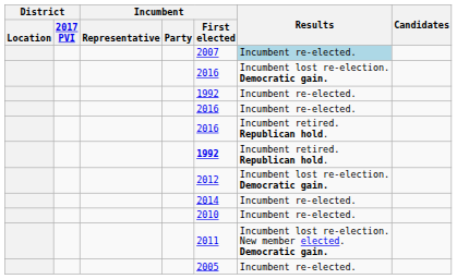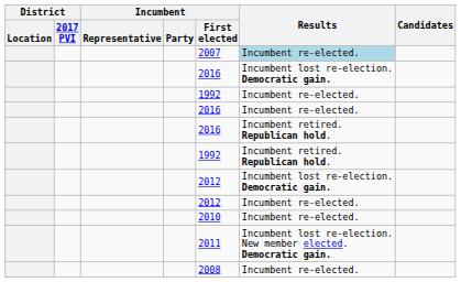 <table class="wikitable sortable">
 <tr>
 <th colspan=2>District</th>
 <th colspan=3>Incumbent</th>
 <th rowspan=2>Results</th>
 <th rowspan=2>Candidates</th>
 </tr>
 <tr valign=bottom>
 <th>Location</th>
 <th><a href='#'>2017<br>PVI</a></th>
 <th>Representative</th>
 <th>Party</th>
 <th>First<br>elected</th>
 </tr>
 <tr>
 <th></th>
 <td></td>
 <td></td>
 <td></td>
 <td><a href='#'>2007 </a></td>
 <td style="background: lightblue;">Incumbent re-elected.</td>
 <td nowrap></td>
 </tr>
 <tr>
 <th></th>
 <td></td>
 <td></td>
 <td></td>
 <td><a href='#'>2016</a></td>
 <td>Incumbent lost re-election.<br><strong>Democratic gain.</strong></td>
 <td nowrap></td>
 </tr>
 <tr>
 <th></th>
 <td></td>
 <td></td>
 <td></td>
 <td><a href='#'>1992</a></td>
 <td>Incumbent re-elected.</td>
 <td nowrap></td>
 </tr>
 <tr>
 <th></th>
 <td></td>
 <td></td>
 <td></td>
 <td><a href='#'>2016</a></td>
 <td>Incumbent re-elected.</td>
 <td nowrap></td>
 </tr>
 <tr>
 <th></th>
 <td></td>
 <td></td>
 <td></td>
 <td><a href='#'>2016</a></td>
 <td>Incumbent retired.<br><strong>Republican hold</strong>.</td>
 <td nowrap></td>
 </tr>
 <tr>
 <th></th>
 <td></td>
 <td></td>
 <td></td>
-<td><strong><a href='#'>1992</a></strong></td>
+<td><a href='#'>1992</a></td>
 <td>Incumbent retired.<br><strong>Republican hold</strong>.</td>
 <td nowrap></td>
 </tr>
 <tr>
 <th></th>
 <td></td>
 <td></td>
 <td></td>
 <td><a href='#'>2012</a></td>
 <td>Incumbent lost re-election.<br><strong>Democratic gain.</strong></td>
 <td nowrap></td>
 </tr>
 <tr>
 <th></th>
 <td></td>
 <td></td>
 <td></td>
-<td><a href='#'>2014</a></td>
+<td><a href='#'>2012</a></td>
 <td>Incumbent re-elected.</td>
 <td nowrap></td>
 </tr>
 <tr>
 <th></th>
 <td></td>
 <td></td>
 <td></td>
 <td><a href='#'>2010</a></td>
 <td>Incumbent re-elected.</td>
 <td nowrap></td>
 </tr>
 <tr>
 <th></th>
 <td></td>
 <td></td>
 <td></td>
 <td><a href='#'>2011</a></td>
 <td>Incumbent lost re-election.<br>New member <a href='#'>elected</a>.<br><strong>Democratic gain.</strong></td>
 <td nowrap></td>
 </tr>
 <tr>
 <th></th>
 <td></td>
 <td></td>
 <td></td>
-<td><a href='#'>2005</a></td>
+<td><a href='#'>2008</a></td>
 <td>Incumbent re-elected.</td>
 <td nowrap></td>
 </tr>
 </table>
